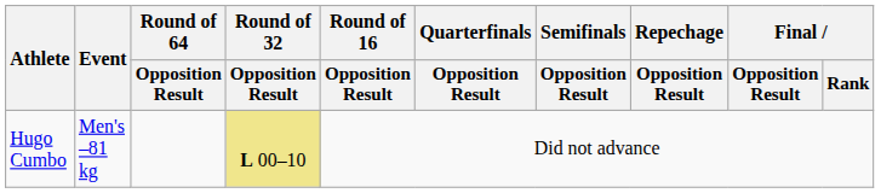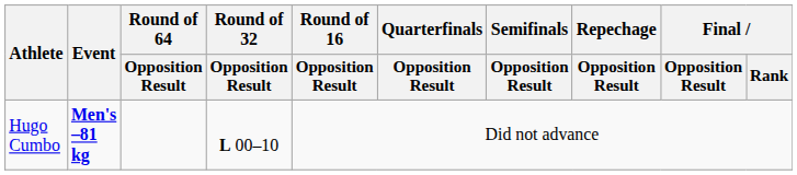 <table class="wikitable" style="font-size:90%">
 <tr>
 <th rowspan="2">Athlete</th>
 <th rowspan="2">Event</th>
 <th>Round of 64</th>
 <th>Round of 32</th>
 <th>Round of 16</th>
 <th>Quarterfinals</th>
 <th>Semifinals</th>
 <th>Repechage</th>
 <th colspan=2>Final / </th>
 </tr>
 <tr style="font-size:95%">
 <th>Opposition<br>Result</th>
 <th>Opposition<br>Result</th>
 <th>Opposition<br>Result</th>
 <th>Opposition<br>Result</th>
 <th>Opposition<br>Result</th>
 <th>Opposition<br>Result</th>
 <th>Opposition<br>Result</th>
 <th>Rank</th>
 </tr>
 <tr align=center>
 <td align=left><a href='#'>Hugo Cumbo</a></td>
-<td align=left><a href='#'>Men's –81 kg</a></td>
+<td align=left><strong><a href='#'>Men's –81 kg</a></strong></td>
 <td></td>
-<td style="background: khaki;"><br> <strong>L</strong> 00–10</td>
+<td><br> <strong>L</strong> 00–10</td>
 <td colspan=6>Did not advance</td>
 </tr>
 </table>
